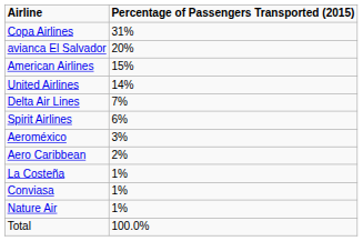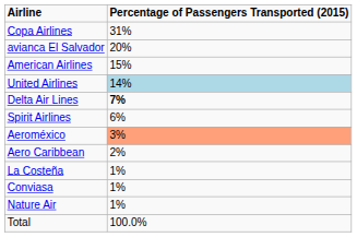 <table class="wikitable sortable">
 <tr>
 <td><strong>Airline</strong></td>
 <td><strong>Percentage of Passengers Transported (2015)</strong></td>
 </tr>
 <tr>
 <td> <a href='#'>Copa Airlines</a></td>
 <td>31%</td>
 </tr>
 <tr>
 <td> <a href='#'>avianca El Salvador</a></td>
 <td>20%</td>
 </tr>
 <tr>
 <td> <a href='#'>American Airlines</a></td>
 <td>15%</td>
 </tr>
 <tr>
 <td> <a href='#'>United Airlines</a></td>
-<td>14%</td>
+<td style="background: lightblue;">14%</td>
 </tr>
 <tr>
 <td> <a href='#'>Delta Air Lines</a></td>
-<td>7%</td>
+<td><strong>7%</strong></td>
 </tr>
 <tr>
 <td> <a href='#'>Spirit Airlines</a></td>
 <td>6%</td>
 </tr>
 <tr>
 <td> <a href='#'>Aeroméxico</a></td>
-<td>3%</td>
+<td style="background: lightsalmon;">3%</td>
 </tr>
 <tr>
 <td> <a href='#'>Aero Caribbean</a></td>
 <td>2%</td>
 </tr>
 <tr>
 <td> <a href='#'>La Costeña</a></td>
 <td>1%</td>
 </tr>
 <tr>
 <td> <a href='#'>Conviasa</a></td>
 <td>1%</td>
 </tr>
 <tr>
 <td> <a href='#'>Nature Air</a></td>
 <td>1%</td>
 </tr>
 <tr class="sortbottom">
 <td>Total</td>
 <td>100.0%</td>
 </tr>
 </table>
